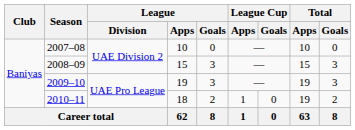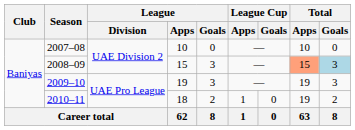 <table class="wikitable" style="text-align:center">
 <tr>
 <th rowspan="2">Club</th>
 <th rowspan="2">Season</th>
 <th colspan="3">League</th>
 <th colspan="2">League Cup</th>
 <th colspan="2">Total</th>
 </tr>
 <tr>
 <th>Division</th>
 <th>Apps</th>
 <th>Goals</th>
 <th>Apps</th>
 <th>Goals</th>
 <th>Apps</th>
 <th>Goals</th>
 </tr>
 <tr>
 <td rowspan="4"><a href='#'>Baniyas</a></td>
 <td>2007–08</td>
 <td rowspan="2"><a href='#'>UAE Division 2</a></td>
 <td>10</td>
 <td>0</td>
 <td colspan="2">—</td>
 <td>10</td>
 <td>0</td>
 </tr>
 <tr>
 <td>2008–09</td>
 <td>15</td>
 <td>3</td>
 <td colspan="2">—</td>
-<td>15</td>
-<td>3</td>
+<td style="background: lightsalmon;">15</td>
+<td style="background: lightblue;">3</td>
 </tr>
 <tr>
 <td><a href='#'>2009–10</a></td>
 <td rowspan="2"><a href='#'>UAE Pro League</a></td>
 <td>19</td>
 <td>3</td>
 <td colspan="2">—</td>
 <td>19</td>
 <td>3</td>
 </tr>
 <tr>
 <td><a href='#'>2010–11</a></td>
 <td>18</td>
 <td>2</td>
 <td>1</td>
 <td>0</td>
 <td>19</td>
 <td>2</td>
 </tr>
 <tr>
 <th colspan="3">Career total</th>
 <th>62</th>
 <th>8</th>
 <th>1</th>
 <th>0</th>
 <th>63</th>
 <th>8</th>
 </tr>
 </table>
